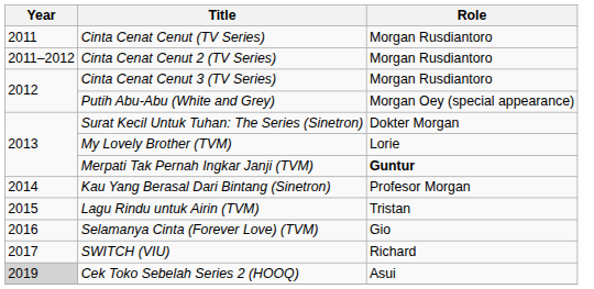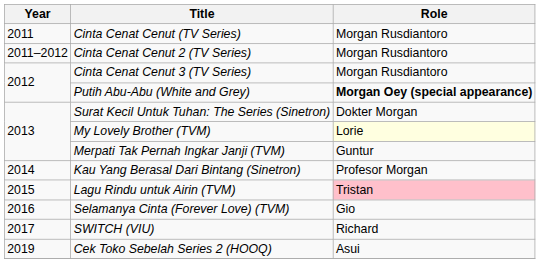 <table class="wikitable">
 <tr style="text-align:center;">
 <th>Year</th>
 <th>Title</th>
 <th>Role</th>
 </tr>
 <tr>
 <td>2011</td>
 <td><em>Cinta Cenat Cenut (TV Series)</em></td>
 <td>Morgan Rusdiantoro</td>
 </tr>
 <tr>
 <td>2011–2012</td>
 <td><em>Cinta Cenat Cenut 2 (TV Series)</em></td>
 <td>Morgan Rusdiantoro</td>
 </tr>
 <tr>
 <td rowspan="2">2012</td>
 <td><em>Cinta Cenat Cenut 3 (TV Series)</em></td>
 <td>Morgan Rusdiantoro</td>
 </tr>
 <tr>
 <td><em>Putih Abu-Abu (White and Grey)</em></td>
-<td>Morgan Oey (special appearance)</td>
+<td><strong>Morgan Oey (special appearance)</strong></td>
 </tr>
 <tr>
 <td rowspan="3">2013</td>
 <td><em>Surat Kecil Untuk Tuhan: The Series (Sinetron)</em></td>
 <td>Dokter Morgan</td>
 </tr>
 <tr>
 <td><em>My Lovely Brother (TVM)</em></td>
-<td>Lorie</td>
+<td style="background: lightyellow;">Lorie</td>
 </tr>
 <tr>
 <td><em>Merpati Tak Pernah Ingkar Janji (TVM)</em></td>
-<td><strong>Guntur</strong></td>
+<td>Guntur</td>
 </tr>
 <tr>
 <td>2014</td>
 <td><em>Kau Yang Berasal Dari Bintang (Sinetron)</em></td>
 <td>Profesor Morgan</td>
 </tr>
 <tr>
 <td>2015</td>
 <td><em>Lagu Rindu untuk Airin (TVM)</em></td>
-<td>Tristan</td>
+<td style="background: pink;">Tristan</td>
 </tr>
 <tr>
 <td>2016</td>
 <td><em>Selamanya Cinta (Forever Love) (TVM)</em></td>
 <td>Gio</td>
 </tr>
 <tr>
 <td>2017</td>
 <td><em> SWITCH (VIU)</em></td>
 <td>Richard</td>
 </tr>
 <tr>
-<td style="background: lightgrey;">2019</td>
+<td>2019</td>
 <td><em>Cek Toko Sebelah Series 2 (HOOQ)</em></td>
 <td>Asui</td>
 </tr>
 <tr>
 </tr>
 </table>
